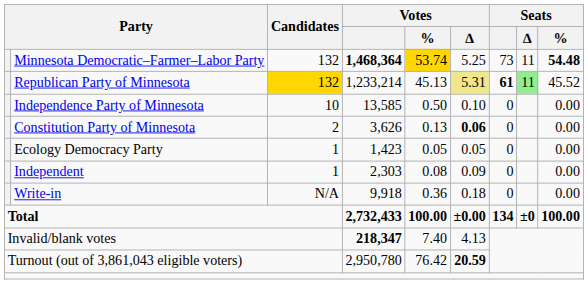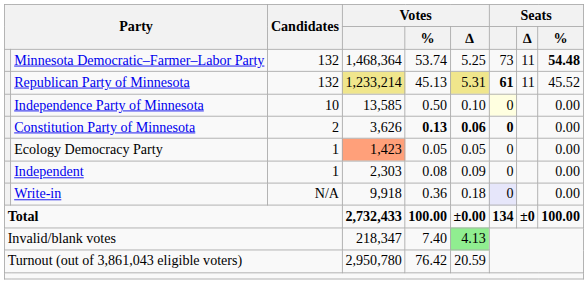 <table class="wikitable">
 <tr>
 <th rowspan="2" colspan="2">Party</th>
 <th rowspan="2">Candidates</th>
 <th colspan="3">Votes</th>
 <th colspan="3">Seats</th>
 </tr>
 <tr>
 <th></th>
 <th>%</th>
 <th>∆</th>
 <th></th>
 <th>∆</th>
 <th>%</th>
 </tr>
 <tr>
 <th style="background-color:"></th>
 <td><a href='#'>Minnesota Democratic–Farmer–Labor Party</a></td>
 <td align="right">132</td>
-<td align="right"><strong>1,468,364</strong></td>
-<td align="right" style="background: gold;">53.74</td>
+<td align="right">1,468,364</td>
+<td align="right">53.74</td>
 <td align="right">5.25</td>
 <td align="right">73</td>
 <td align="right">11</td>
 <td align="right"><strong>54.48</strong></td>
 </tr>
 <tr>
 <th style="background-color:"></th>
 <td><a href='#'>Republican Party of Minnesota</a></td>
-<td align="right" style="background: gold;">132</td>
-<td align="right">1,233,214</td>
+<td align="right">132</td>
+<td align="right" style="background: khaki;">1,233,214</td>
 <td align="right">45.13</td>
 <td align="right" style="background: khaki;">5.31</td>
 <td align="right"><strong>61</strong></td>
-<td align="right" style="background: lightgreen;">11</td>
+<td align="right">11</td>
 <td align="right">45.52</td>
 </tr>
 <tr>
 <th style="background-color:"></th>
 <td><a href='#'>Independence Party of Minnesota</a></td>
 <td align="right">10</td>
 <td align="right">13,585</td>
 <td align="right">0.50</td>
 <td align="right">0.10</td>
-<td align="right">0</td>
+<td align="right" style="background: lightyellow;">0</td>
 <td align="right"></td>
 <td align="right">0.00</td>
 </tr>
 <tr>
 <th style="background-color:"></th>
 <td><a href='#'>Constitution Party of Minnesota</a></td>
 <td align="right">2</td>
 <td align="right">3,626</td>
-<td align="right">0.13</td>
+<td align="right"><strong>0.13</strong></td>
 <td align="right"><strong>0.06</strong></td>
-<td align="right">0</td>
+<td align="right"><strong>0</strong></td>
 <td align="right"></td>
 <td align="right">0.00</td>
 </tr>
 <tr>
 <th style="background-color:"></th>
 <td>Ecology Democracy Party</td>
 <td align="right">1</td>
-<td align="right">1,423</td>
+<td align="right" style="background: lightsalmon;">1,423</td>
 <td align="right">0.05</td>
 <td align="right">0.05</td>
 <td align="right">0</td>
 <td align="right"></td>
 <td align="right">0.00</td>
 </tr>
 <tr>
 <th style="background-color:"></th>
 <td><a href='#'>Independent</a></td>
 <td align="right">1</td>
 <td align="right">2,303</td>
 <td align="right">0.08</td>
 <td align="right">0.09</td>
 <td align="right">0</td>
 <td align="right"></td>
 <td align="right">0.00</td>
 </tr>
 <tr>
 <th style="background-color:"></th>
 <td><a href='#'>Write-in</a></td>
 <td align="right">N/A</td>
 <td align="right">9,918</td>
 <td align="right">0.36</td>
 <td align="right">0.18</td>
-<td align="right">0</td>
+<td align="right" style="background: lavender;">0</td>
 <td align="right"></td>
 <td align="right">0.00</td>
 </tr>
 <tr>
 <td colspan="3" align="left"><strong>Total</strong></td>
 <td align="right"><strong>2,732,433</strong></td>
 <td align="right"><strong>100.00</strong></td>
 <td align="right"><strong>±0.00</strong></td>
 <td align="right"><strong>134</strong></td>
 <td align="right"><strong>±0</strong></td>
 <td align="right"><strong>100.00</strong></td>
 </tr>
 <tr>
 <td colspan="3" align="left">Invalid/blank votes</td>
-<td colspan="1" align="right"><strong>218,347</strong></td>
+<td colspan="1" align="right">218,347</td>
 <td colspan="1" align="right">7.40</td>
-<td colspan="1" align="right">4.13</td>
+<td colspan="1" align="right" style="background: lightgreen;">4.13</td>
 <td rowspan="2" colspan="3"></td>
 </tr>
 <tr>
 <td colspan="3" align="left">Turnout (out of 3,861,043 eligible voters)</td>
 <td colspan="1" align="right">2,950,780</td>
 <td colspan="1" align="right">76.42</td>
-<td colspan="1" align="right"><strong>20.59</strong></td>
+<td colspan="1" align="right">20.59</td>
 </tr>
 <tr>
 <td colspan="9"></td>
 </tr>
 </table>
